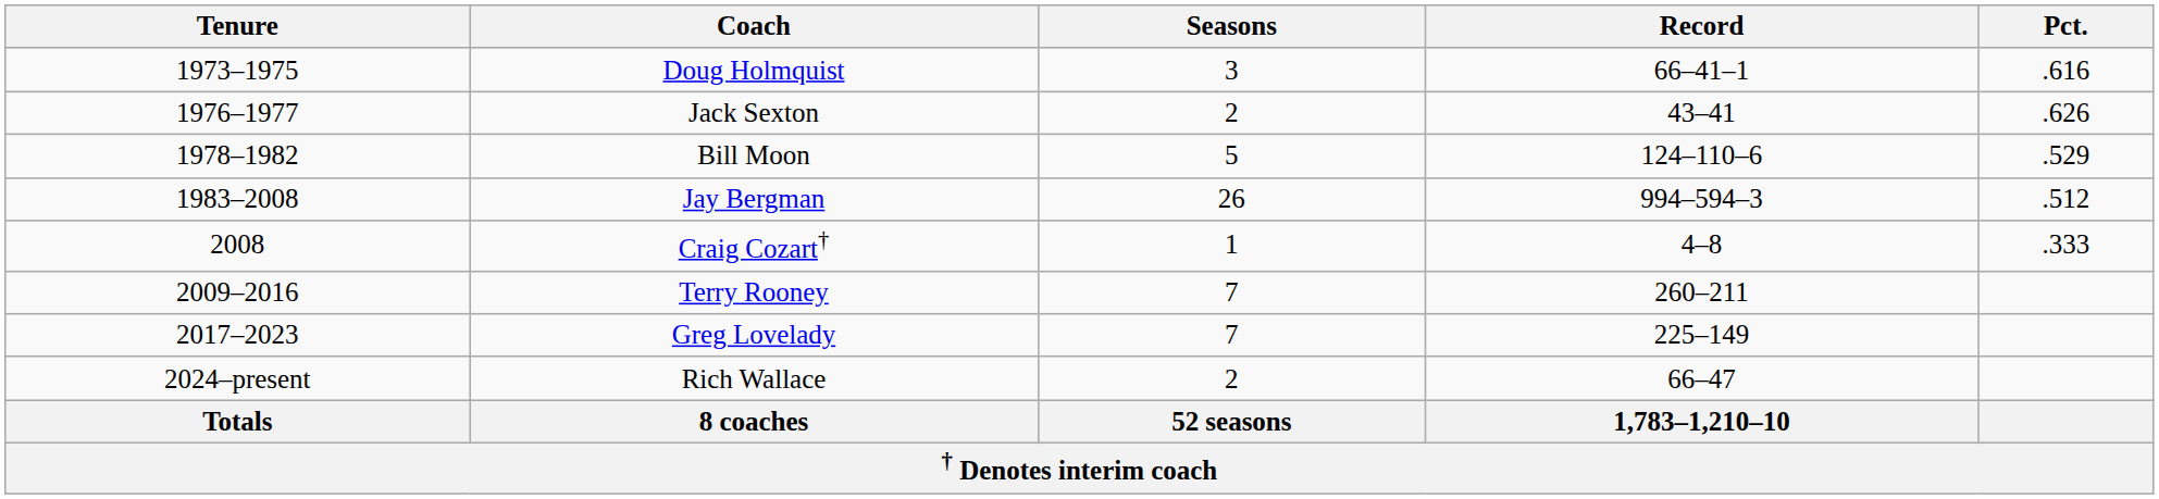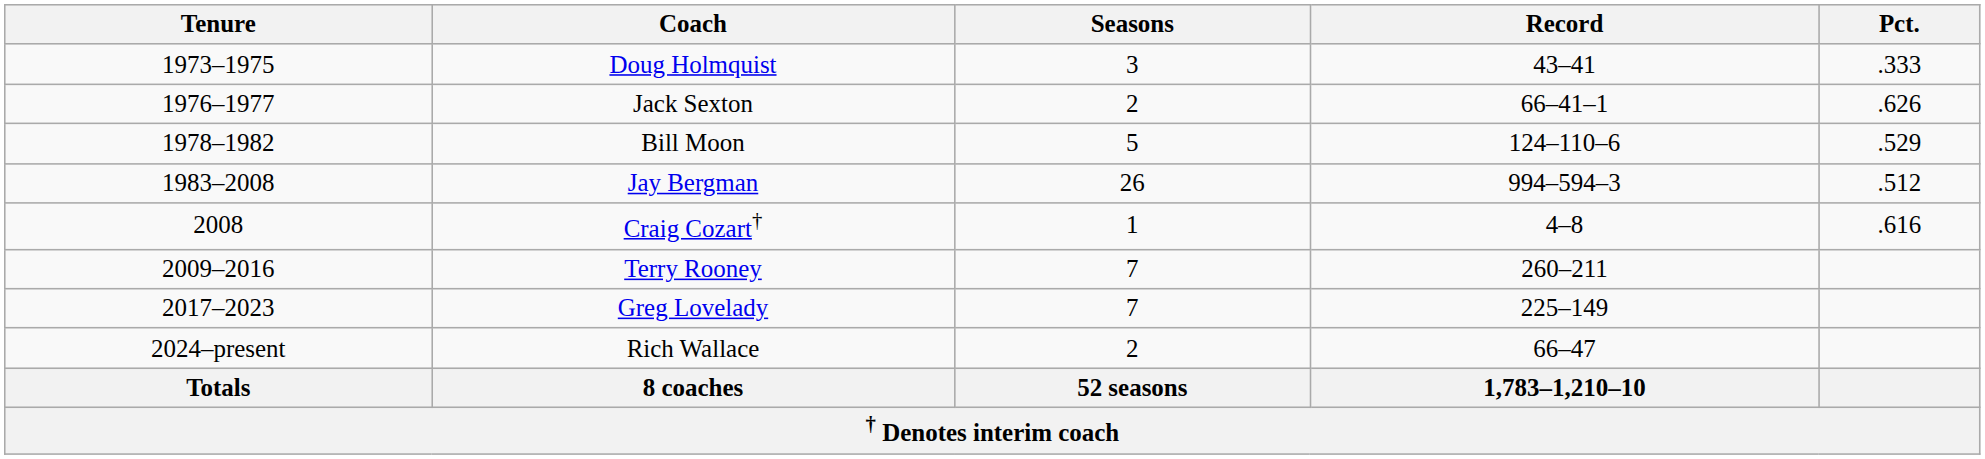 <table cellpadding="1" border="1" cellspacing="0" width="80%" class="wikitable">
 <tr>
 <th>Tenure</th>
 <th>Coach</th>
 <th>Seasons</th>
 <th>Record</th>
 <th>Pct.</th>
 </tr>
 <tr style="text-align:center">
 <td>1973–1975</td>
 <td><a href='#'>Doug Holmquist</a></td>
 <td>3</td>
-<td>66–41–1</td>
-<td>.616</td>
+<td>43–41</td>
+<td>.333</td>
 </tr>
 <tr style="text-align:center">
 <td>1976–1977</td>
 <td>Jack Sexton</td>
 <td>2</td>
-<td>43–41</td>
+<td>66–41–1</td>
 <td>.626</td>
 </tr>
 <tr style="text-align:center">
 <td>1978–1982</td>
 <td>Bill Moon</td>
 <td>5</td>
 <td>124–110–6</td>
 <td>.529</td>
 </tr>
 <tr style="text-align:center">
 <td>1983–2008</td>
 <td><a href='#'>Jay Bergman</a></td>
 <td>26</td>
 <td>994–594–3</td>
 <td>.512</td>
 </tr>
 <tr style="text-align:center">
 <td>2008</td>
 <td><a href='#'>Craig Cozart</a><sup>†</sup></td>
 <td>1</td>
 <td>4–8</td>
-<td>.333</td>
+<td>.616</td>
 </tr>
 <tr style="text-align:center">
 <td>2009–2016</td>
 <td><a href='#'>Terry Rooney</a></td>
 <td>7</td>
 <td>260–211</td>
 <td></td>
 </tr>
 <tr style="text-align:center">
 <td>2017–2023</td>
 <td><a href='#'>Greg Lovelady</a></td>
 <td>7</td>
 <td>225–149</td>
 <td></td>
 </tr>
 <tr style="text-align:center">
 <td>2024–present</td>
 <td>Rich Wallace</td>
 <td>2</td>
 <td>66–47</td>
 <td></td>
 </tr>
 <tr style="text-align:center" class="sortbottom">
 <th>Totals</th>
 <th>8 coaches</th>
 <th>52 seasons</th>
 <th>1,783–1,210–10</th>
 <th></th>
 </tr>
 <tr>
 <th colSpan="5" style="text-align:center; "><sup>†</sup> Denotes interim coach</th>
 </tr>
 </table>
